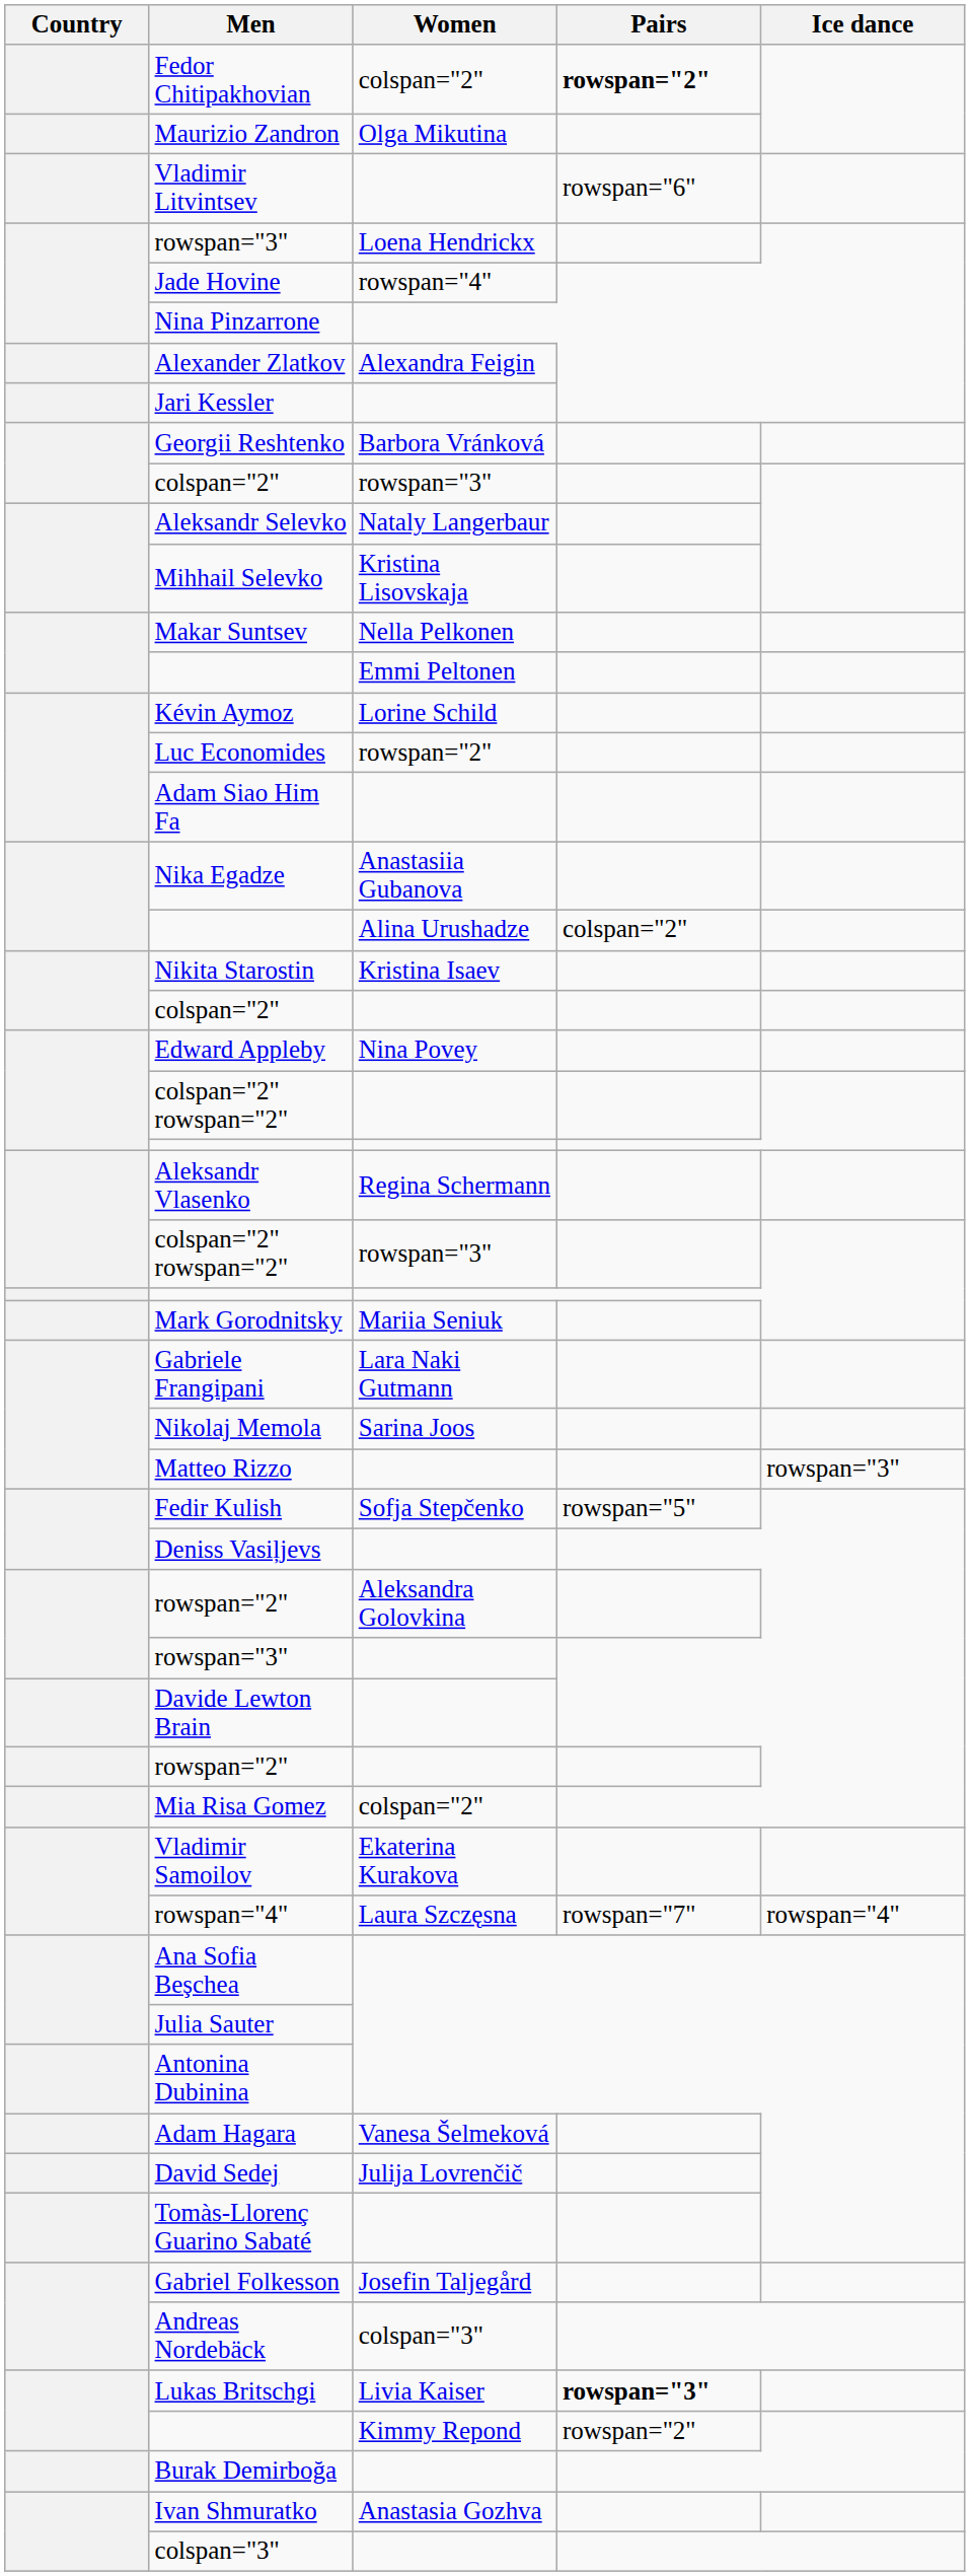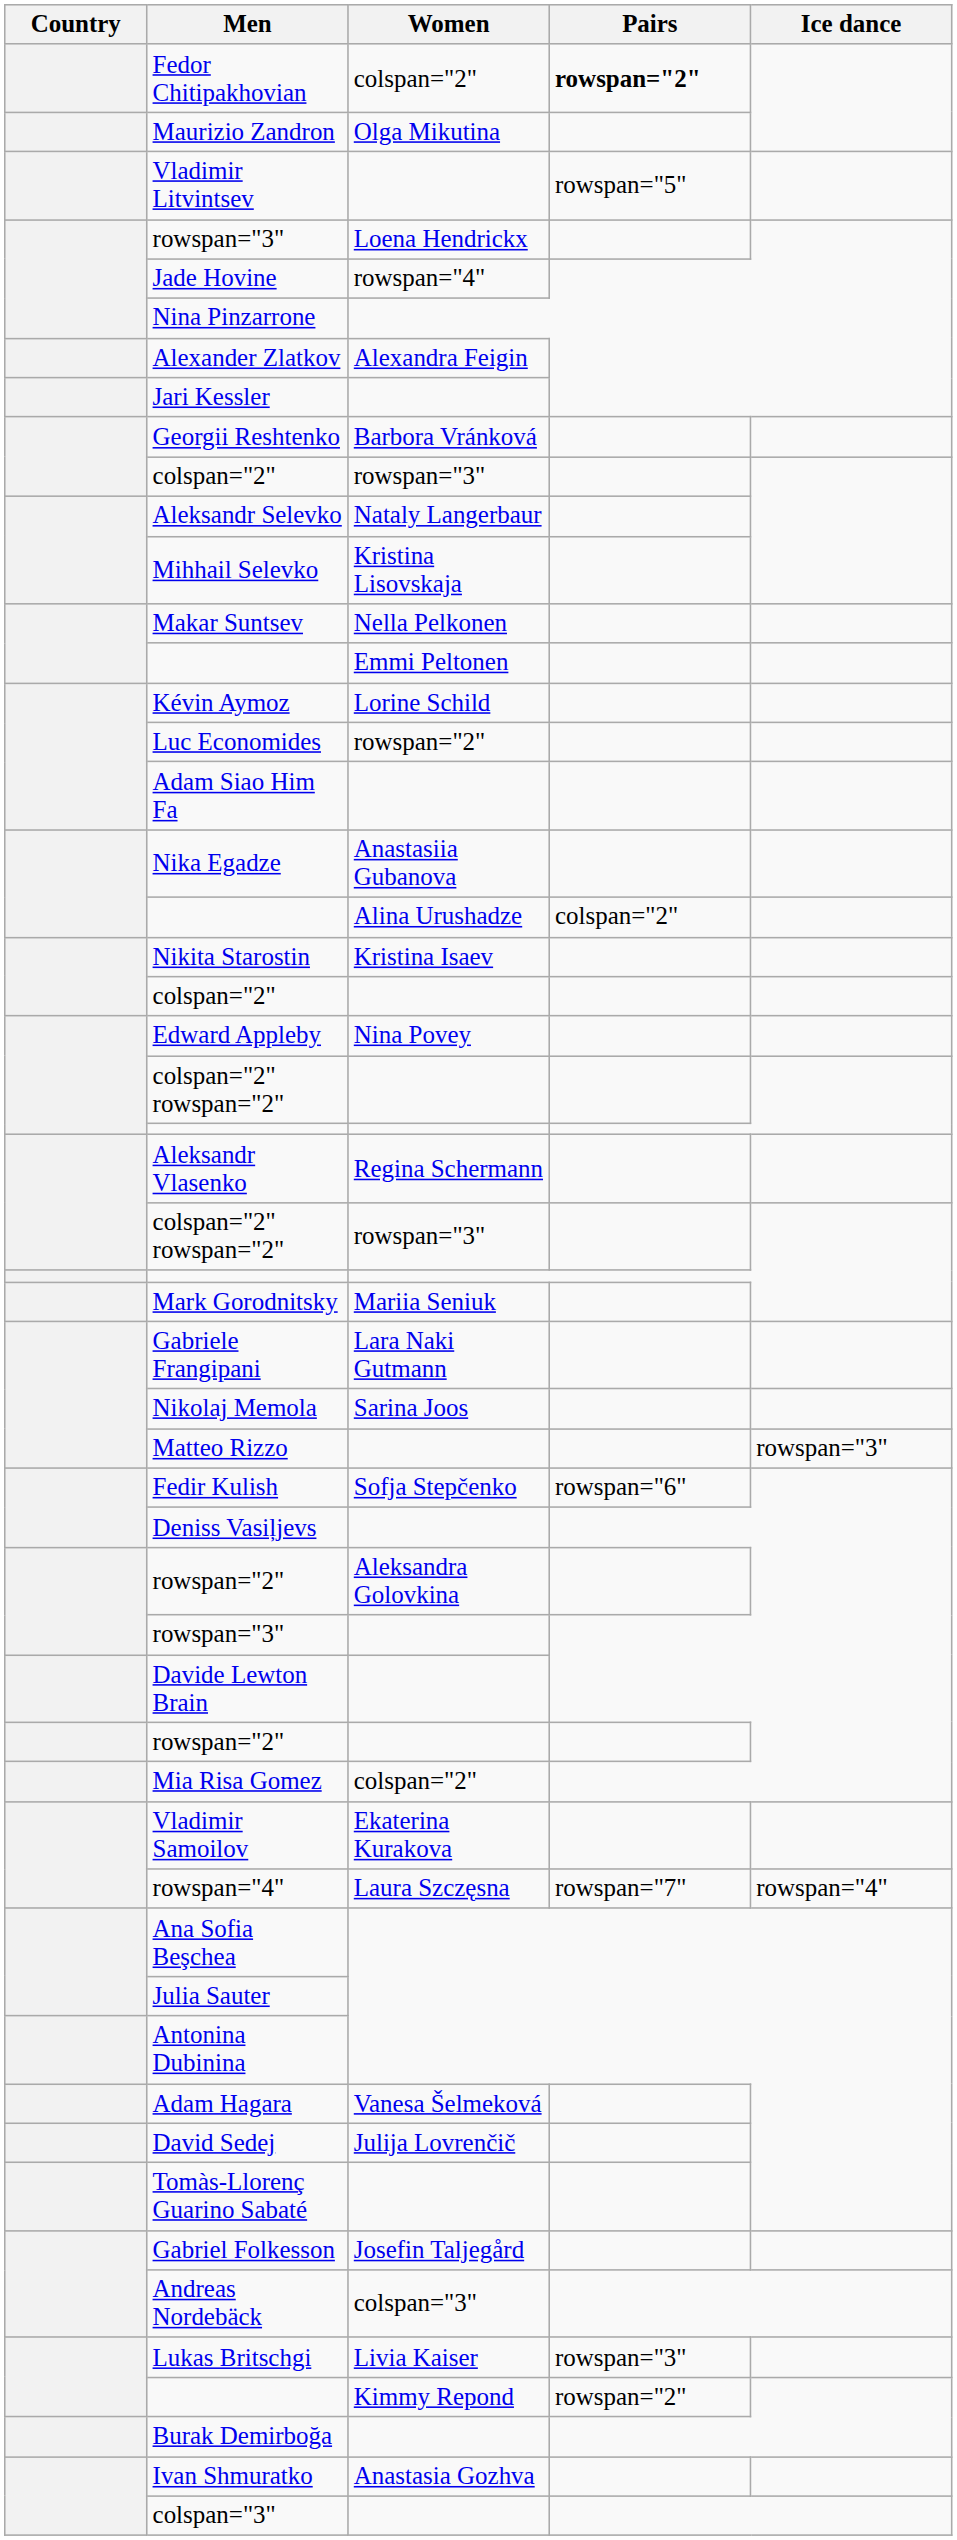 <table class="wikitable sortable" style="text-align:left width:100%">
 <tr>
 <th scope="col" style="width:15%">Country</th>
 <th scope="col" style="width:21.25%">Men</th>
 <th scope="col" style="width:21.25%">Women</th>
 <th scope="col" style="width:21.25%">Pairs</th>
 <th scope="col" style="width:21.25%">Ice dance</th>
 </tr>
 <tr>
 <th scope="row" style="text-align:left"></th>
 <td><a href='#'>Fedor Chitipakhovian</a></td>
 <td>colspan="2" </td>
 <td><strong>rowspan="2" </strong></td>
 </tr>
 <tr>
 <th scope="row" style="text-align:left"></th>
 <td><a href='#'>Maurizio Zandron</a></td>
 <td><a href='#'>Olga Mikutina</a></td>
 <td></td>
 </tr>
 <tr>
 <th scope="row" style="text-align:left"></th>
 <td><a href='#'>Vladimir Litvintsev</a></td>
 <td></td>
-<td>rowspan="6" </td>
+<td>rowspan="5" </td>
 <td></td>
 </tr>
 <tr>
 <th rowspan="3" scope="row" style="text-align:left"></th>
 <td>rowspan="3" </td>
 <td><a href='#'>Loena Hendrickx</a></td>
 <td></td>
 </tr>
 <tr>
 <td><a href='#'>Jade Hovine</a></td>
 <td>rowspan="4" </td>
 </tr>
 <tr>
 <td><a href='#'>Nina Pinzarrone</a></td>
 </tr>
 <tr>
 <th scope="row" style="text-align:left"></th>
 <td><a href='#'>Alexander Zlatkov</a></td>
 <td><a href='#'>Alexandra Feigin</a></td>
 </tr>
 <tr>
 <th scope="row" style="text-align:left"></th>
 <td><a href='#'>Jari Kessler</a></td>
 <td></td>
 </tr>
 <tr>
 <th rowspan="2" scope="row" style="text-align:left"></th>
 <td><a href='#'>Georgii Reshtenko</a></td>
 <td><a href='#'>Barbora Vránková</a></td>
 <td></td>
 <td></td>
 </tr>
 <tr>
 <td>colspan="2" </td>
 <td>rowspan="3" </td>
 <td></td>
 </tr>
 <tr>
 <th rowspan="2" scope="row" style="text-align:left"></th>
 <td><a href='#'>Aleksandr Selevko</a></td>
 <td><a href='#'>Nataly Langerbaur</a></td>
 <td></td>
 </tr>
 <tr>
 <td><a href='#'>Mihhail Selevko</a></td>
 <td><a href='#'>Kristina Lisovskaja</a></td>
 <td></td>
 </tr>
 <tr>
 <th rowspan="2" scope="row" style="text-align:left"></th>
 <td><a href='#'>Makar Suntsev</a></td>
 <td><a href='#'>Nella Pelkonen</a></td>
 <td></td>
 <td></td>
 </tr>
 <tr>
 <td></td>
 <td><a href='#'>Emmi Peltonen</a></td>
 <td></td>
 <td></td>
 </tr>
 <tr>
 <th rowspan="3" scope="row" style="text-align:left"></th>
 <td><a href='#'>Kévin Aymoz</a></td>
 <td><a href='#'>Lorine Schild</a></td>
 <td></td>
 <td></td>
 </tr>
 <tr>
 <td><a href='#'>Luc Economides</a></td>
 <td>rowspan="2" </td>
 <td></td>
 <td></td>
 </tr>
 <tr>
 <td><a href='#'>Adam Siao Him Fa</a></td>
 <td></td>
 <td></td>
 </tr>
 <tr>
 <th rowspan="2" scope="row" style="text-align:left"></th>
 <td><a href='#'>Nika Egadze</a></td>
 <td><a href='#'>Anastasiia Gubanova</a></td>
 <td></td>
 <td></td>
 </tr>
 <tr>
 <td></td>
 <td><a href='#'>Alina Urushadze</a></td>
 <td>colspan="2" </td>
 </tr>
 <tr>
 <th rowspan="2" scope="row" style="text-align:left"></th>
 <td><a href='#'>Nikita Starostin</a></td>
 <td><a href='#'>Kristina Isaev</a></td>
 <td></td>
 <td></td>
 </tr>
 <tr>
 <td>colspan="2" </td>
 <td></td>
 <td></td>
 </tr>
 <tr>
 <th rowspan="3" scope="row" style="text-align:left"></th>
 <td><a href='#'>Edward Appleby</a></td>
 <td><a href='#'>Nina Povey</a></td>
 <td></td>
 <td></td>
 </tr>
 <tr>
 <td>colspan="2" rowspan="2" </td>
 <td></td>
 <td></td>
 </tr>
 <tr>
 <td></td>
 <td></td>
 </tr>
 <tr>
 <th rowspan="2" scope="row" style="text-align:left"></th>
 <td><a href='#'>Aleksandr Vlasenko</a></td>
 <td><a href='#'>Regina Schermann</a></td>
 <td></td>
 <td></td>
 </tr>
 <tr>
 <td>colspan="2" rowspan="2" </td>
 <td>rowspan="3" </td>
 <td></td>
 </tr>
 <tr>
 <th scope="row" style="text-align:left"></th>
 <td></td>
 </tr>
 <tr>
 <th scope="row" style="text-align:left"></th>
 <td><a href='#'>Mark Gorodnitsky</a></td>
 <td><a href='#'>Mariia Seniuk</a></td>
 <td></td>
 </tr>
 <tr>
 <th rowspan="3" scope="row" style="text-align:left"></th>
 <td><a href='#'>Gabriele Frangipani</a></td>
 <td><a href='#'>Lara Naki Gutmann</a></td>
 <td></td>
 <td></td>
 </tr>
 <tr>
 <td><a href='#'>Nikolaj Memola</a></td>
 <td><a href='#'>Sarina Joos</a></td>
 <td></td>
 <td></td>
 </tr>
 <tr>
 <td><a href='#'>Matteo Rizzo</a></td>
 <td></td>
 <td></td>
 <td>rowspan="3" </td>
 </tr>
 <tr>
 <th rowspan="2" scope="row" style="text-align:left"></th>
 <td><a href='#'>Fedir Kulish</a></td>
 <td><a href='#'>Sofja Stepčenko</a></td>
-<td>rowspan="5" </td>
+<td>rowspan="6" </td>
 </tr>
 <tr>
 <td><a href='#'>Deniss Vasiļjevs</a></td>
 <td></td>
 </tr>
 <tr>
 <th rowspan="2" scope="row" style="text-align:left"></th>
 <td>rowspan="2" </td>
 <td><a href='#'>Aleksandra Golovkina</a></td>
 <td></td>
 </tr>
 <tr>
 <td>rowspan="3" </td>
 <td></td>
 </tr>
 <tr>
 <th scope="row" style="text-align:left"></th>
 <td><a href='#'>Davide Lewton Brain</a></td>
 <td></td>
 </tr>
 <tr>
 <th scope="row" style="text-align:left"></th>
 <td>rowspan="2" </td>
 <td></td>
 <td></td>
 </tr>
 <tr>
 <th scope="row" style="text-align:left"></th>
 <td><a href='#'>Mia Risa Gomez</a></td>
 <td>colspan="2" </td>
 </tr>
 <tr>
 <th rowspan="2" scope="row" style="text-align:left"></th>
 <td><a href='#'>Vladimir Samoilov</a></td>
 <td><a href='#'>Ekaterina Kurakova</a></td>
 <td></td>
 <td></td>
 </tr>
 <tr>
 <td>rowspan="4" </td>
 <td><a href='#'>Laura Szczęsna</a></td>
 <td>rowspan="7" </td>
 <td>rowspan="4" </td>
 </tr>
 <tr>
 <th rowspan="2" scope="row" style="text-align:left"></th>
 <td><a href='#'>Ana Sofia Beşchea</a></td>
 </tr>
 <tr>
 <td><a href='#'>Julia Sauter</a></td>
 </tr>
 <tr>
 <th scope="row" style="text-align:left"></th>
 <td><a href='#'>Antonina Dubinina</a></td>
 </tr>
 <tr>
 <th scope="row" style="text-align:left"></th>
 <td><a href='#'>Adam Hagara</a></td>
 <td><a href='#'>Vanesa Šelmeková</a></td>
 <td></td>
 </tr>
 <tr>
 <th scope="row" style="text-align:left"></th>
 <td><a href='#'>David Sedej</a></td>
 <td><a href='#'>Julija Lovrenčič</a></td>
 <td></td>
 </tr>
 <tr>
 <th scope="row" style="text-align:left"></th>
 <td><a href='#'>Tomàs-Llorenç Guarino Sabaté</a></td>
 <td></td>
 <td></td>
 </tr>
 <tr>
 <th rowspan="2" scope="row" style="text-align:left"></th>
 <td><a href='#'>Gabriel Folkesson</a></td>
 <td><a href='#'>Josefin Taljegård</a></td>
 <td></td>
 <td></td>
 </tr>
 <tr>
 <td><a href='#'>Andreas Nordebäck</a></td>
 <td>colspan="3" </td>
 </tr>
 <tr>
 <th rowspan="2" scope="row" style="text-align:left"></th>
 <td><a href='#'>Lukas Britschgi</a></td>
 <td><a href='#'>Livia Kaiser</a></td>
-<td><strong>rowspan="3" </strong></td>
+<td>rowspan="3" </td>
 <td></td>
 </tr>
 <tr>
 <td></td>
 <td><a href='#'>Kimmy Repond</a></td>
 <td>rowspan="2" </td>
 </tr>
 <tr>
 <th scope="row" style="text-align:left"></th>
 <td><a href='#'>Burak Demirboğa</a></td>
 <td></td>
 </tr>
 <tr>
 <th rowspan="2" scope="row" style="text-align:left"></th>
 <td><a href='#'>Ivan Shmuratko</a></td>
 <td><a href='#'>Anastasia Gozhva</a></td>
 <td></td>
 <td></td>
 </tr>
 <tr>
 <td>colspan="3" </td>
 <td></td>
 </tr>
 </table>
